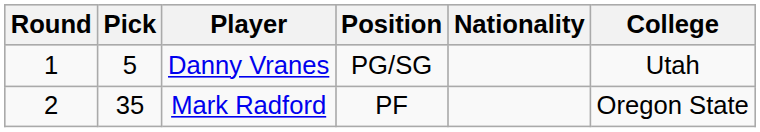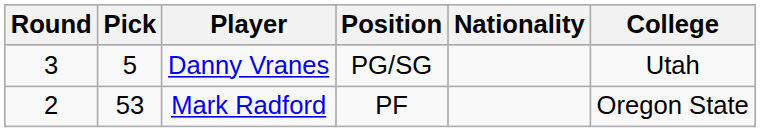 <table class="wikitable sortable sortable">
 <tr>
 <th>Round</th>
 <th>Pick</th>
 <th>Player</th>
 <th>Position</th>
 <th>Nationality</th>
 <th>College</th>
 </tr>
 <tr style="text-align: center">
-<td>1</td>
+<td>3</td>
 <td>5</td>
 <td><a href='#'>Danny Vranes</a></td>
 <td>PG/SG</td>
 <td></td>
 <td>Utah</td>
 </tr>
 <tr style="text-align: center">
 <td>2</td>
-<td>35</td>
+<td>53</td>
 <td><a href='#'>Mark Radford</a></td>
 <td>PF</td>
 <td></td>
 <td>Oregon State</td>
 </tr>
 </table>
